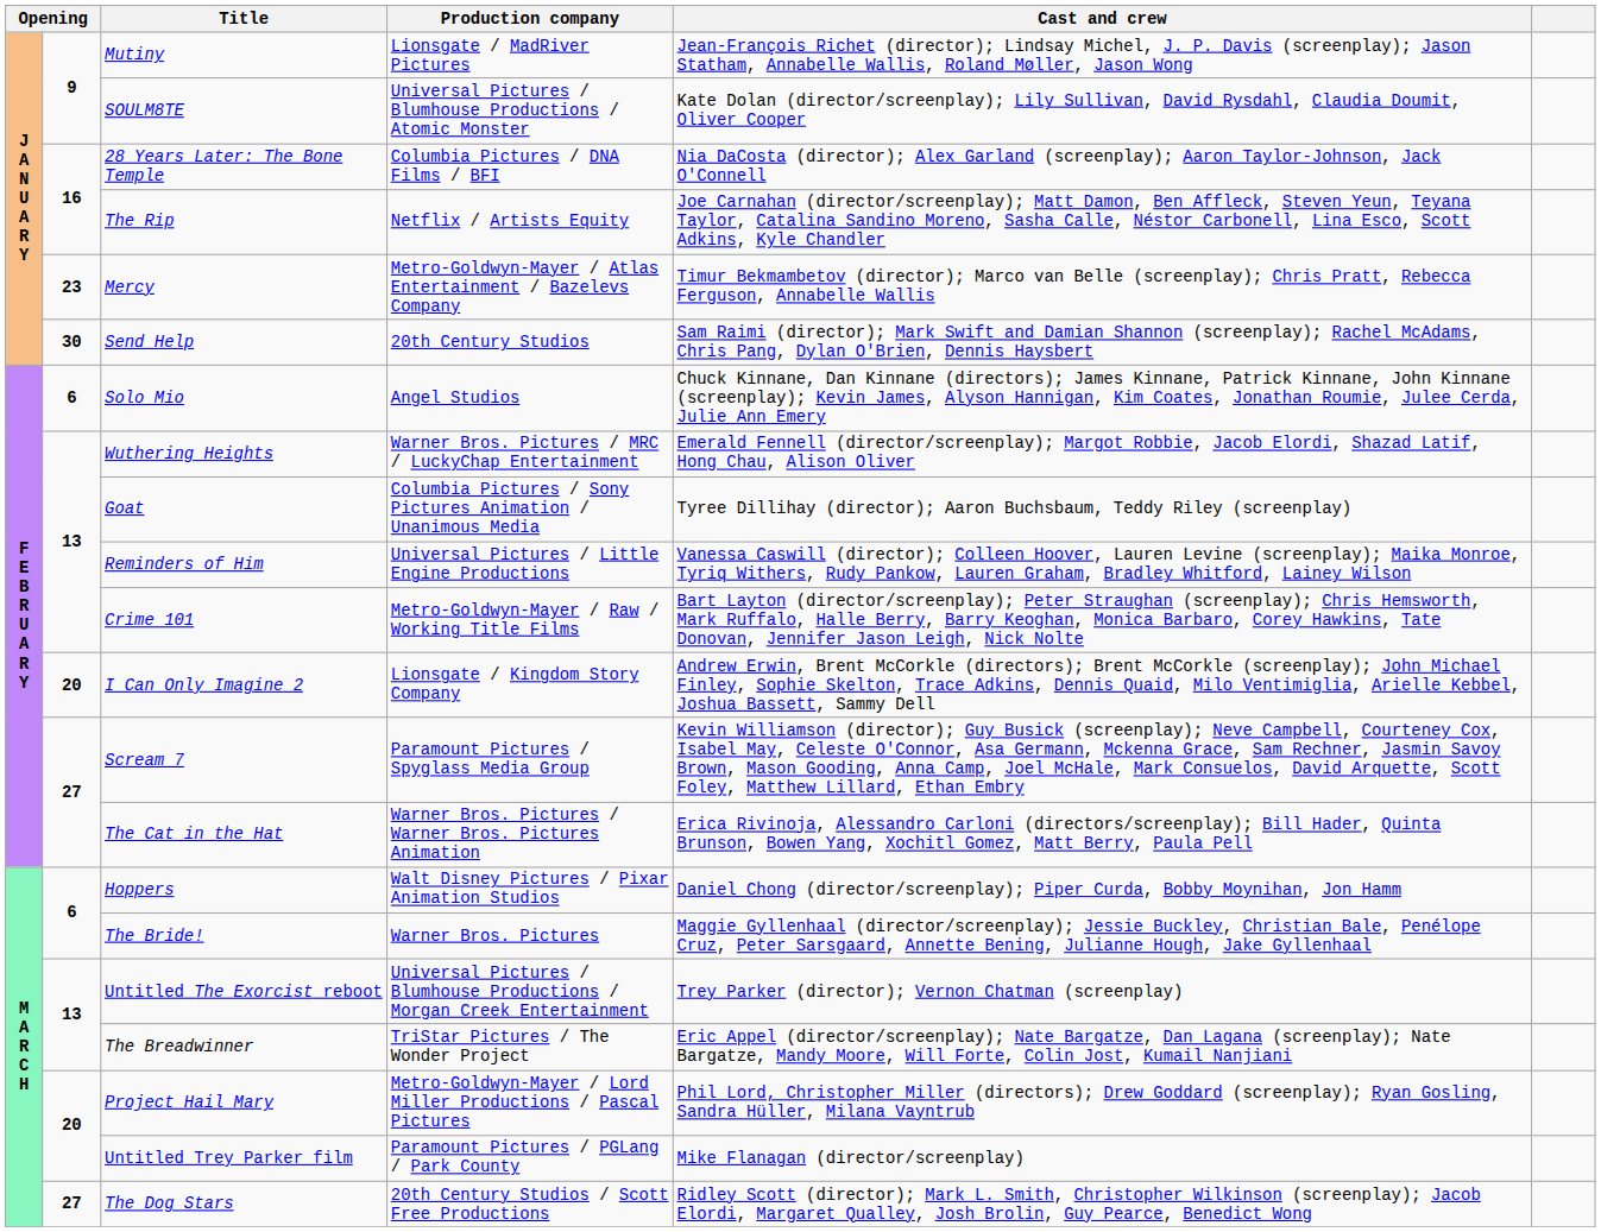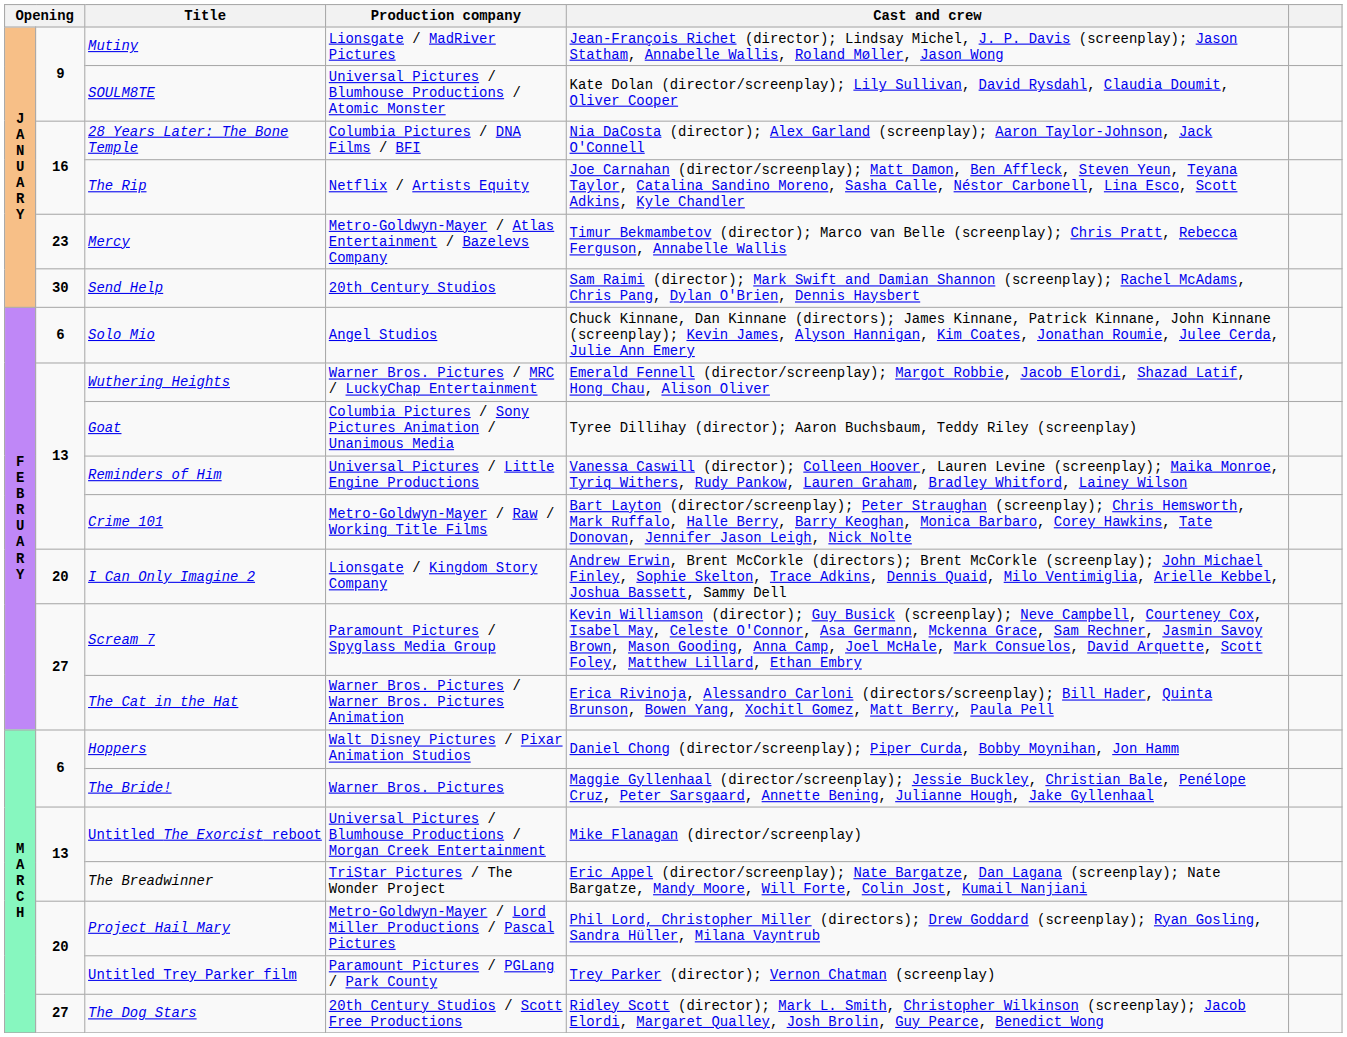 <table class="wikitable sortable">
 <tr>
 <th colspan="2" style="width:6%;">Opening</th>
 <th style="width:18%;">Title</th>
 <th style="width:18%;">Production company</th>
 <th>Cast and crew</th>
 <th style="width:4%;"  class="unsortable"></th>
 </tr>
 <tr>
 <th rowspan="6" style="text-align:center; background:#f7bf87;">J<br>A<br>N<br>U<br>A<br>R<br>Y</th>
 <td rowspan="2" style="text-align:center;"><strong>9</strong></td>
 <td><em><a href='#'>Mutiny</a></em></td>
 <td><a href='#'>Lionsgate</a> / <a href='#'>MadRiver Pictures</a></td>
 <td><a href='#'>Jean-François Richet</a> (director); Lindsay Michel, <a href='#'>J. P. Davis</a> (screenplay); <a href='#'>Jason Statham</a>, <a href='#'>Annabelle Wallis</a>, <a href='#'>Roland Møller</a>, <a href='#'>Jason Wong</a></td>
 <td style="text-align:center"></td>
 </tr>
 <tr>
 <td><em><a href='#'>SOULM8TE</a></em></td>
 <td><a href='#'>Universal Pictures</a> / <a href='#'>Blumhouse Productions</a> / <a href='#'>Atomic Monster</a></td>
 <td>Kate Dolan (director/screenplay); <a href='#'>Lily Sullivan</a>, <a href='#'>David Rysdahl</a>, <a href='#'>Claudia Doumit</a>, <a href='#'>Oliver Cooper</a></td>
 <td style="text-align:center"></td>
 </tr>
 <tr>
 <td rowspan="2" style="text-align:center;"><strong>16</strong></td>
 <td><em><a href='#'>28 Years Later: The Bone Temple</a></em></td>
 <td><a href='#'>Columbia Pictures</a> / <a href='#'>DNA Films</a> / <a href='#'>BFI</a></td>
 <td><a href='#'>Nia DaCosta</a> (director); <a href='#'>Alex Garland</a> (screenplay); <a href='#'>Aaron Taylor-Johnson</a>, <a href='#'>Jack O'Connell</a></td>
 <td style="text-align:center"></td>
 </tr>
 <tr>
 <td><em><a href='#'>The Rip</a></em></td>
 <td><a href='#'>Netflix</a> / <a href='#'>Artists Equity</a></td>
 <td><a href='#'>Joe Carnahan</a> (director/screenplay); <a href='#'>Matt Damon</a>, <a href='#'>Ben Affleck</a>, <a href='#'>Steven Yeun</a>, <a href='#'>Teyana Taylor</a>, <a href='#'>Catalina Sandino Moreno</a>, <a href='#'>Sasha Calle</a>, <a href='#'>Néstor Carbonell</a>, <a href='#'>Lina Esco</a>, <a href='#'>Scott Adkins</a>, <a href='#'>Kyle Chandler</a></td>
 <td style="text-align:center"></td>
 </tr>
 <tr>
 <td rowspan="1" style="text-align:center;"><strong>23</strong></td>
 <td><em><a href='#'>Mercy</a></em></td>
 <td><a href='#'>Metro-Goldwyn-Mayer</a> / <a href='#'>Atlas Entertainment</a> / <a href='#'>Bazelevs Company</a></td>
 <td><a href='#'>Timur Bekmambetov</a> (director); Marco van Belle (screenplay); <a href='#'>Chris Pratt</a>, <a href='#'>Rebecca Ferguson</a>, <a href='#'>Annabelle Wallis</a></td>
 <td style="text-align:center"></td>
 </tr>
 <tr>
 <td style="text-align:center;"><strong>30</strong></td>
 <td><em><a href='#'>Send Help</a></em></td>
 <td><a href='#'>20th Century Studios</a></td>
 <td><a href='#'>Sam Raimi</a> (director); <a href='#'>Mark Swift and Damian Shannon</a> (screenplay); <a href='#'>Rachel McAdams</a>, <a href='#'>Chris Pang</a>, <a href='#'>Dylan O'Brien</a>, <a href='#'>Dennis Haysbert</a></td>
 <td style="text-align:center"></td>
 </tr>
 <tr>
 <th rowspan="8" style="text-align:center; background:#bf87f7; text color:#000;">F<br>E<br>B<br>R<br>U<br>A<br>R<br>Y</th>
 <td rowspan="1" style="text-align:center;"><strong>6</strong></td>
 <td><em><a href='#'>Solo Mio</a></em></td>
 <td><a href='#'>Angel Studios</a></td>
 <td>Chuck Kinnane, Dan Kinnane (directors); James Kinnane, Patrick Kinnane, John Kinnane (screenplay); <a href='#'>Kevin James</a>, <a href='#'>Alyson Hannigan</a>, <a href='#'>Kim Coates</a>, <a href='#'>Jonathan Roumie</a>, <a href='#'>Julee Cerda</a>, <a href='#'>Julie Ann Emery</a></td>
 <td style="text-align:center"></td>
 </tr>
 <tr>
 <td rowspan="4" style="text-align:center;"><strong>13</strong></td>
 <td><em><a href='#'>Wuthering Heights</a></em></td>
 <td><a href='#'>Warner Bros. Pictures</a> / <a href='#'>MRC</a> / <a href='#'>LuckyChap Entertainment</a></td>
 <td><a href='#'>Emerald Fennell</a> (director/screenplay); <a href='#'>Margot Robbie</a>, <a href='#'>Jacob Elordi</a>, <a href='#'>Shazad Latif</a>, <a href='#'>Hong Chau</a>, <a href='#'>Alison Oliver</a></td>
 <td style="text-align:center"></td>
 </tr>
 <tr>
 <td><em><a href='#'>Goat</a></em></td>
 <td><a href='#'>Columbia Pictures</a> / <a href='#'>Sony Pictures Animation</a> / <a href='#'>Unanimous Media</a></td>
 <td>Tyree Dillihay (director); Aaron Buchsbaum, Teddy Riley (screenplay)</td>
 <td style="text-align:center"></td>
 </tr>
 <tr>
 <td><em><a href='#'>Reminders of Him</a></em></td>
 <td><a href='#'>Universal Pictures</a> / <a href='#'>Little Engine Productions</a></td>
 <td><a href='#'>Vanessa Caswill</a> (director); <a href='#'>Colleen Hoover</a>, Lauren Levine (screenplay); <a href='#'>Maika Monroe</a>, <a href='#'>Tyriq Withers</a>, <a href='#'>Rudy Pankow</a>, <a href='#'>Lauren Graham</a>, <a href='#'>Bradley Whitford</a>, <a href='#'>Lainey Wilson</a></td>
 <td style="text-align:center"></td>
 </tr>
 <tr>
 <td><em><a href='#'>Crime 101</a></em></td>
 <td><a href='#'>Metro-Goldwyn-Mayer</a> / <a href='#'>Raw</a> / <a href='#'>Working Title Films</a></td>
 <td><a href='#'>Bart Layton</a> (director/screenplay); <a href='#'>Peter Straughan</a> (screenplay); <a href='#'>Chris Hemsworth</a>, <a href='#'>Mark Ruffalo</a>, <a href='#'>Halle Berry</a>, <a href='#'>Barry Keoghan</a>, <a href='#'>Monica Barbaro</a>, <a href='#'>Corey Hawkins</a>, <a href='#'>Tate Donovan</a>, <a href='#'>Jennifer Jason Leigh</a>, <a href='#'>Nick Nolte</a></td>
 <td style="text-align:center"></td>
 </tr>
 <tr>
 <td style="text-align:center;"><strong>20</strong></td>
 <td><em><a href='#'>I Can Only Imagine 2</a></em></td>
 <td><a href='#'>Lionsgate</a> / <a href='#'>Kingdom Story Company</a></td>
 <td><a href='#'>Andrew Erwin</a>, Brent McCorkle (directors); Brent McCorkle (screenplay); <a href='#'>John Michael Finley</a>, <a href='#'>Sophie Skelton</a>, <a href='#'>Trace Adkins</a>, <a href='#'>Dennis Quaid</a>, <a href='#'>Milo Ventimiglia</a>, <a href='#'>Arielle Kebbel</a>, <a href='#'>Joshua Bassett</a>, Sammy Dell</td>
 <td style="text-align:center"></td>
 </tr>
 <tr>
 <td rowspan="2" style="text-align:center;"><strong>27</strong></td>
 <td><em><a href='#'>Scream 7</a></em></td>
 <td><a href='#'>Paramount Pictures</a> / <a href='#'>Spyglass Media Group</a></td>
 <td><a href='#'>Kevin Williamson</a> (director); <a href='#'>Guy Busick</a> (screenplay); <a href='#'>Neve Campbell</a>, <a href='#'>Courteney Cox</a>, <a href='#'>Isabel May</a>, <a href='#'>Celeste O'Connor</a>, <a href='#'>Asa Germann</a>, <a href='#'>Mckenna Grace</a>, <a href='#'>Sam Rechner</a>, <a href='#'>Jasmin Savoy Brown</a>, <a href='#'>Mason Gooding</a>, <a href='#'>Anna Camp</a>, <a href='#'>Joel McHale</a>, <a href='#'>Mark Consuelos</a>, <a href='#'>David Arquette</a>, <a href='#'>Scott Foley</a>, <a href='#'>Matthew Lillard</a>, <a href='#'>Ethan Embry</a></td>
 <td style="text-align:center"></td>
 </tr>
 <tr>
 <td><em><a href='#'>The Cat in the Hat</a></em></td>
 <td><a href='#'>Warner Bros. Pictures</a> / <a href='#'>Warner Bros. Pictures Animation</a></td>
 <td><a href='#'>Erica Rivinoja</a>, <a href='#'>Alessandro Carloni</a> (directors/screenplay); <a href='#'>Bill Hader</a>, <a href='#'>Quinta Brunson</a>, <a href='#'>Bowen Yang</a>, <a href='#'>Xochitl Gomez</a>, <a href='#'>Matt Berry</a>, <a href='#'>Paula Pell</a></td>
 <td style="text-align:center"></td>
 </tr>
 <tr>
 <th rowspan="7" style="text-align:center; background:#87f7bf; textcolor:#000;">M<br>A<br>R<br>C<br>H</th>
 <td rowspan="2" style="text-align:center;"><strong>6</strong></td>
 <td><em><a href='#'>Hoppers</a></em></td>
 <td><a href='#'>Walt Disney Pictures</a> / <a href='#'>Pixar Animation Studios</a></td>
 <td><a href='#'>Daniel Chong</a> (director/screenplay); <a href='#'>Piper Curda</a>, <a href='#'>Bobby Moynihan</a>, <a href='#'>Jon Hamm</a></td>
 <td style="text-align:center"></td>
 </tr>
 <tr>
 <td><em><a href='#'>The Bride!</a></em></td>
 <td><a href='#'>Warner Bros. Pictures</a></td>
 <td><a href='#'>Maggie Gyllenhaal</a> (director/screenplay); <a href='#'>Jessie Buckley</a>, <a href='#'>Christian Bale</a>, <a href='#'>Penélope Cruz</a>, <a href='#'>Peter Sarsgaard</a>, <a href='#'>Annette Bening</a>, <a href='#'>Julianne Hough</a>, <a href='#'>Jake Gyllenhaal</a></td>
 <td style="text-align:center"></td>
 </tr>
 <tr>
 <td rowspan="2" style="text-align:center;"><strong>13</strong></td>
 <td><a href='#'>Untitled <em>The Exorcist</em> reboot</a></td>
 <td><a href='#'>Universal Pictures</a> / <a href='#'>Blumhouse Productions</a> / <a href='#'>Morgan Creek Entertainment</a></td>
-<td><a href='#'>Trey Parker</a> (director); <a href='#'>Vernon Chatman</a> (screenplay)</td>
+<td><a href='#'>Mike Flanagan</a> (director/screenplay)</td>
 <td style="text-align:center"></td>
 </tr>
 <tr>
 <td><em>The Breadwinner</em></td>
 <td><a href='#'>TriStar Pictures</a> / The Wonder Project</td>
 <td><a href='#'>Eric Appel</a> (director/screenplay); <a href='#'>Nate Bargatze</a>, <a href='#'>Dan Lagana</a> (screenplay); Nate Bargatze, <a href='#'>Mandy Moore</a>, <a href='#'>Will Forte</a>, <a href='#'>Colin Jost</a>, <a href='#'>Kumail Nanjiani</a></td>
 <td style="text-align:center"></td>
 </tr>
 <tr>
 <td rowspan="2" style="text-align:center;"><strong>20</strong></td>
 <td><em><a href='#'>Project Hail Mary</a></em></td>
 <td><a href='#'>Metro-Goldwyn-Mayer</a> / <a href='#'>Lord Miller Productions</a> / <a href='#'>Pascal Pictures</a></td>
 <td><a href='#'>Phil Lord, Christopher Miller</a> (directors); <a href='#'>Drew Goddard</a> (screenplay); <a href='#'>Ryan Gosling</a>, <a href='#'>Sandra Hüller</a>, <a href='#'>Milana Vayntrub</a></td>
 <td style="text-align:center"></td>
 </tr>
 <tr>
 <td><a href='#'>Untitled Trey Parker film</a></td>
 <td><a href='#'>Paramount Pictures</a> / <a href='#'>PGLang</a> / <a href='#'>Park County</a></td>
-<td><a href='#'>Mike Flanagan</a> (director/screenplay)</td>
+<td><a href='#'>Trey Parker</a> (director); <a href='#'>Vernon Chatman</a> (screenplay)</td>
 <td style="text-align:center"></td>
 </tr>
 <tr>
 <td style="text-align:center;"><strong>27</strong></td>
 <td><em><a href='#'>The Dog Stars</a></em></td>
 <td><a href='#'>20th Century Studios</a> / <a href='#'>Scott Free Productions</a></td>
 <td><a href='#'>Ridley Scott</a> (director); <a href='#'>Mark L. Smith</a>, <a href='#'>Christopher Wilkinson</a> (screenplay); <a href='#'>Jacob Elordi</a>, <a href='#'>Margaret Qualley</a>, <a href='#'>Josh Brolin</a>, <a href='#'>Guy Pearce</a>, <a href='#'>Benedict Wong</a></td>
 <td style="text-align:center"></td>
 </tr>
 </table>
